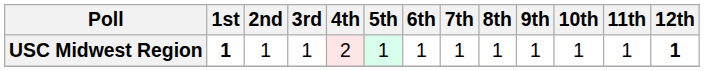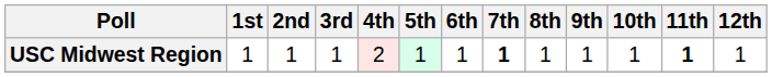 <table class="wikitable" style="white-space:nowrap;">
 <tr>
 <th>Poll</th>
 <th>1st</th>
 <th>2nd</th>
 <th>3rd</th>
 <th>4th</th>
 <th>5th</th>
 <th>6th</th>
 <th>7th</th>
 <th>8th</th>
 <th>9th</th>
 <th>10th</th>
 <th>11th</th>
 <th>12th</th>
 </tr>
 <tr style="text-align:center;">
 <th>USC Midwest Region</th>
-<td style="background:#FFF;"><strong> 1</strong></td>
+<td style="background:#FFF;"> 1</td>
 <td style="background:#FFF;"> 1</td>
 <td style="background:#FFF;"> 1</td>
 <td style="background:#FFE6E6;"> 2</td>
 <td style="background:#D8FFEB;"> 1</td>
 <td style="background:#FFF;"> 1</td>
-<td style="background:#FFF;"> 1</td>
-<td style="background:#FFF;"> 1</td>
+<td style="background:#FFF;"><strong> 1</strong></td>
 <td style="background:#FFF;"> 1</td>
 <td style="background:#FFF;"> 1</td>
 <td style="background:#FFF;"> 1</td>
 <td style="background:#FFF;"><strong> 1</strong></td>
+<td style="background:#FFF;"> 1</td>
 </tr>
 <tr style="text-align:center;">
 </tr>
 </table>
